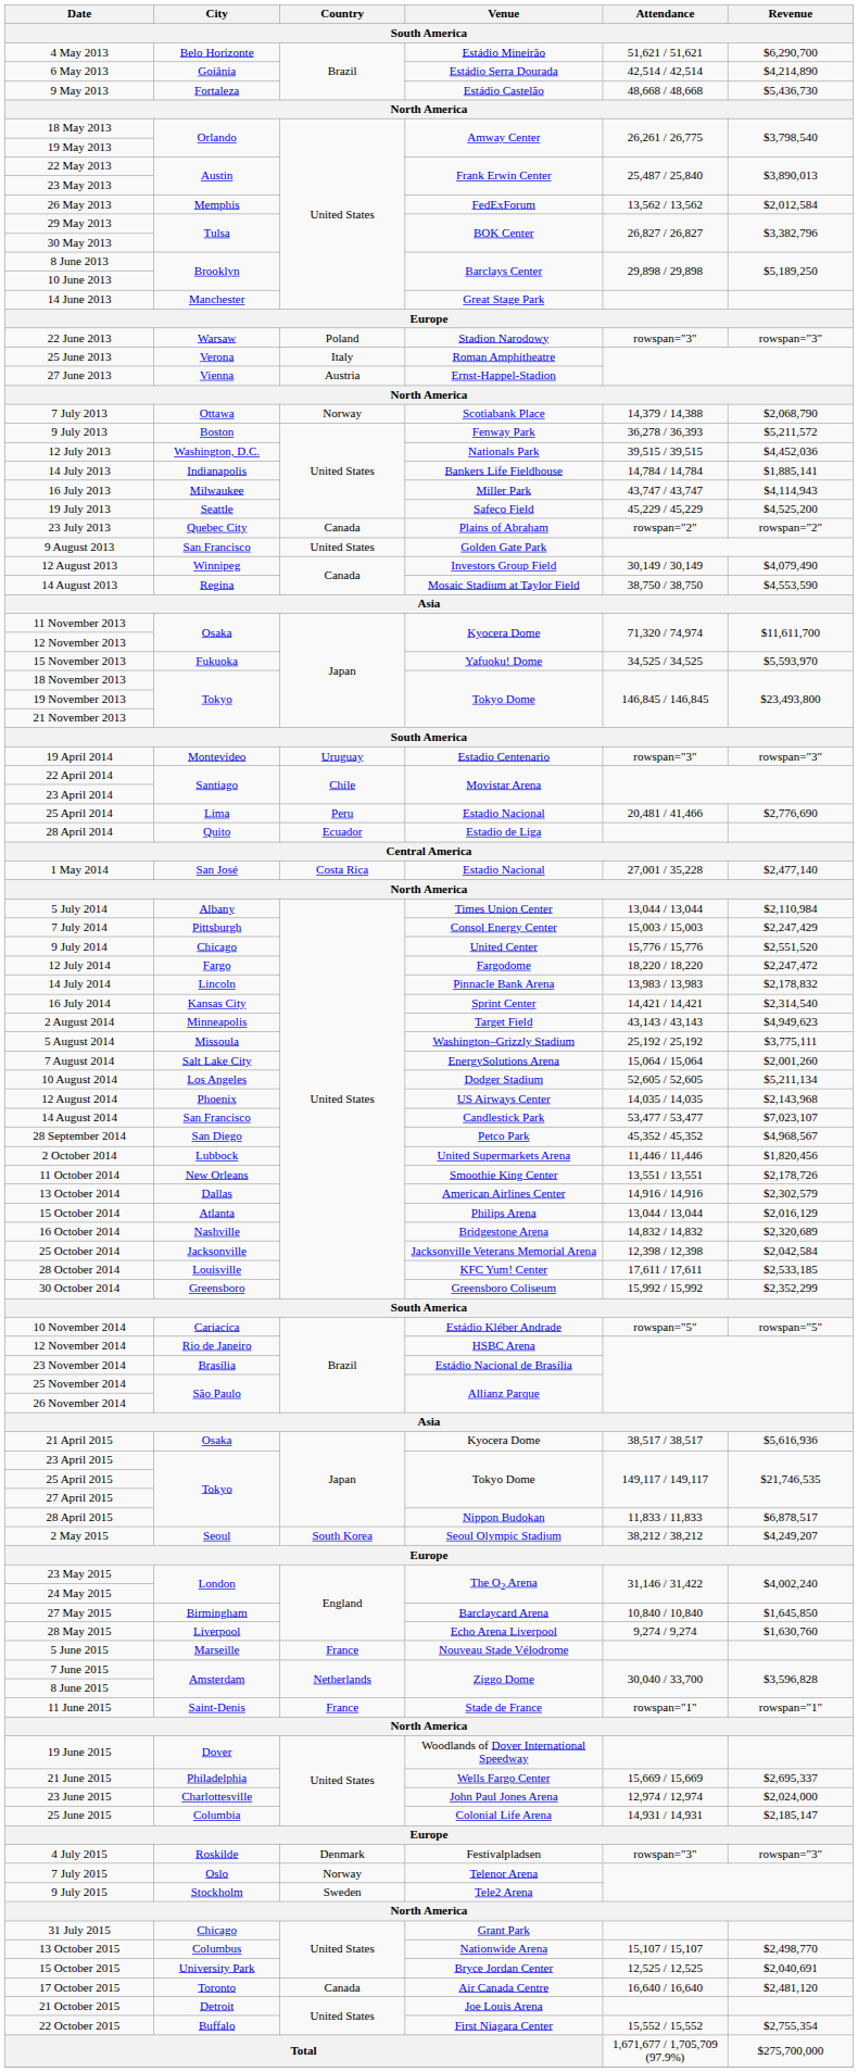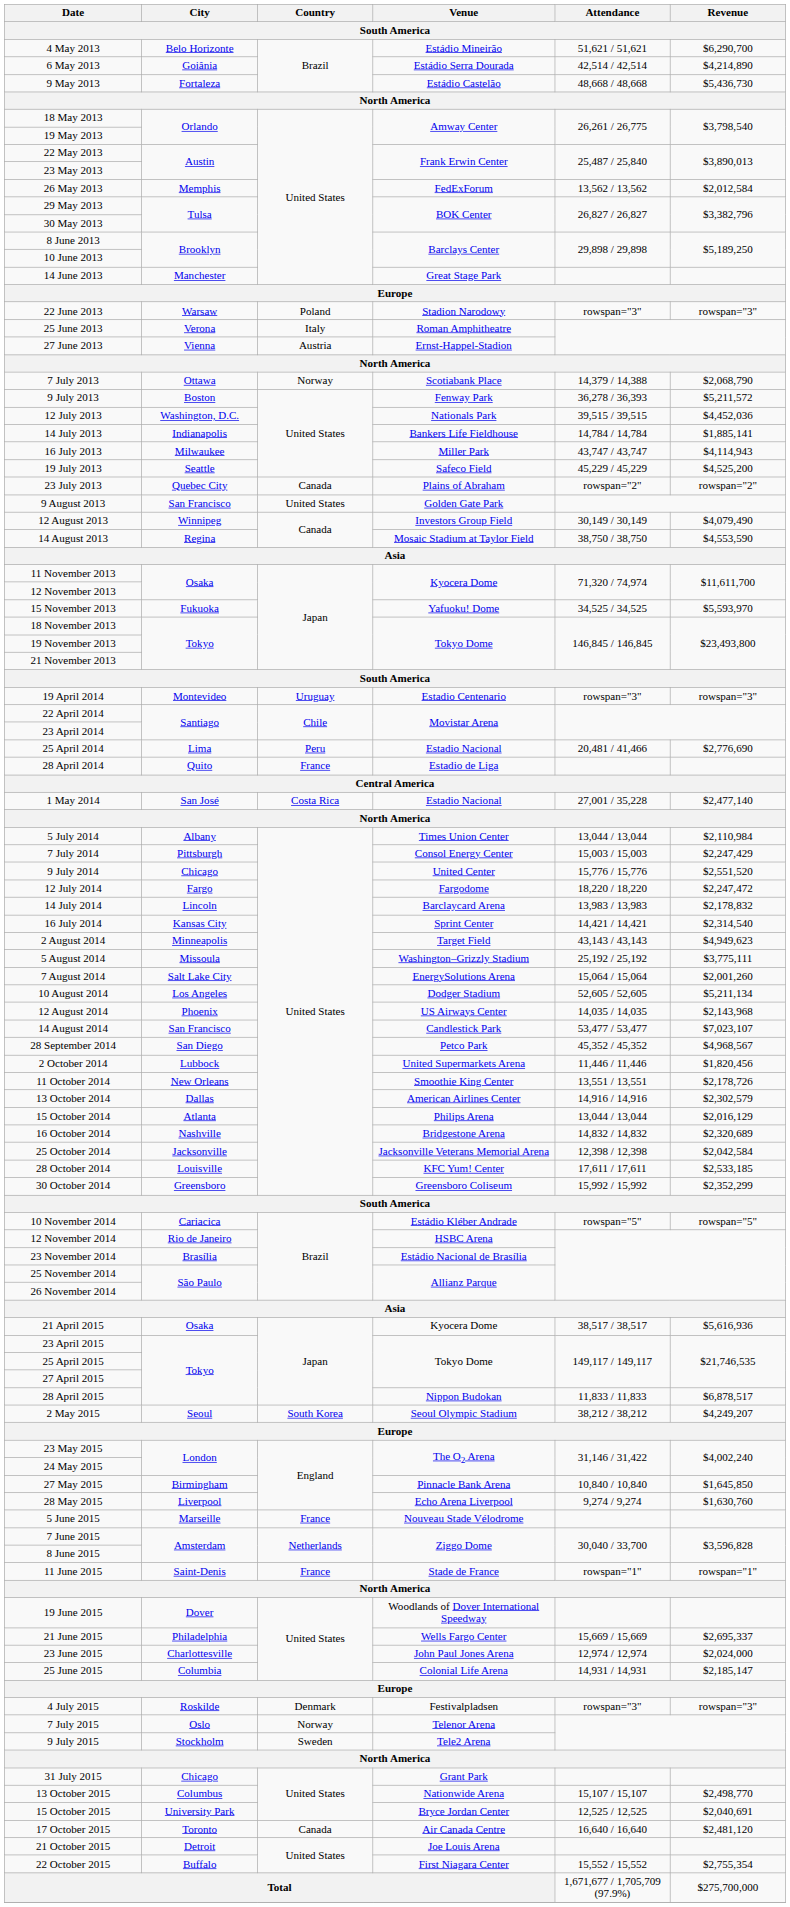 <table class="wikitable" style="text-align:center;">
 <tr>
 <th scope="col" style="width:12em;">Date</th>
 <th scope="col" style="width:10em;">City</th>
 <th scope="col" style="width:10em;">Country</th>
 <th scope="col" style="width:16em;">Venue</th>
 <th scope="col" style="width:10em;">Attendance</th>
 <th scope="col" style="width:10em;">Revenue</th>
 </tr>
 <tr>
 <th colspan="6">South America</th>
 </tr>
 <tr>
 <td>4 May 2013</td>
 <td><a href='#'>Belo Horizonte</a></td>
 <td rowspan="3">Brazil</td>
 <td><a href='#'>Estádio Mineirão</a></td>
 <td>51,621 / 51,621</td>
 <td>$6,290,700</td>
 </tr>
 <tr>
 <td>6 May 2013</td>
 <td><a href='#'>Goiânia</a></td>
 <td><a href='#'>Estádio Serra Dourada</a></td>
 <td>42,514 / 42,514</td>
 <td>$4,214,890</td>
 </tr>
 <tr>
 <td>9 May 2013</td>
 <td><a href='#'>Fortaleza</a></td>
 <td><a href='#'>Estádio Castelão</a></td>
 <td>48,668 / 48,668</td>
 <td>$5,436,730</td>
 </tr>
 <tr>
 <th colspan="6">North America</th>
 </tr>
 <tr>
 <td>18 May 2013</td>
 <td rowspan="2"><a href='#'>Orlando</a></td>
 <td rowspan="10">United States</td>
 <td rowspan="2"><a href='#'>Amway Center</a></td>
 <td rowspan="2">26,261 / 26,775</td>
 <td rowspan="2">$3,798,540</td>
 </tr>
 <tr>
 <td>19 May 2013</td>
 </tr>
 <tr>
 <td>22 May 2013</td>
 <td rowspan="2"><a href='#'>Austin</a></td>
 <td rowspan="2"><a href='#'>Frank Erwin Center</a></td>
 <td rowspan="2">25,487 / 25,840</td>
 <td rowspan="2">$3,890,013</td>
 </tr>
 <tr>
 <td>23 May 2013</td>
 </tr>
 <tr>
 <td>26 May 2013</td>
 <td><a href='#'>Memphis</a></td>
 <td><a href='#'>FedExForum</a></td>
 <td>13,562 / 13,562</td>
 <td>$2,012,584</td>
 </tr>
 <tr>
 <td>29 May 2013</td>
 <td rowspan="2"><a href='#'>Tulsa</a></td>
 <td rowspan="2"><a href='#'>BOK Center</a></td>
 <td rowspan="2">26,827 / 26,827</td>
 <td rowspan="2">$3,382,796</td>
 </tr>
 <tr>
 <td>30 May 2013</td>
 </tr>
 <tr>
 <td>8 June 2013</td>
 <td rowspan="2"><a href='#'>Brooklyn</a></td>
 <td rowspan="2"><a href='#'>Barclays Center</a></td>
 <td rowspan="2">29,898 / 29,898</td>
 <td rowspan="2">$5,189,250</td>
 </tr>
 <tr>
 <td>10 June 2013</td>
 </tr>
 <tr>
 <td>14 June 2013</td>
 <td><a href='#'>Manchester</a></td>
 <td><a href='#'>Great Stage Park</a></td>
 <td></td>
 <td></td>
 </tr>
 <tr>
 <th colspan="6">Europe</th>
 </tr>
 <tr>
 <td>22 June 2013</td>
 <td><a href='#'>Warsaw</a></td>
 <td>Poland</td>
 <td><a href='#'>Stadion Narodowy</a></td>
 <td>rowspan="3" </td>
 <td>rowspan="3" </td>
 </tr>
 <tr>
 <td>25 June 2013</td>
 <td><a href='#'>Verona</a></td>
 <td>Italy</td>
 <td><a href='#'>Roman Amphitheatre</a></td>
 </tr>
 <tr>
 <td>27 June 2013</td>
 <td><a href='#'>Vienna</a></td>
 <td>Austria</td>
 <td><a href='#'>Ernst-Happel-Stadion</a></td>
 </tr>
 <tr>
 <th colspan="6">North America</th>
 </tr>
 <tr>
 <td>7 July 2013</td>
 <td><a href='#'>Ottawa</a></td>
 <td>Norway</td>
 <td><a href='#'>Scotiabank Place</a></td>
 <td>14,379 / 14,388</td>
 <td>$2,068,790</td>
 </tr>
 <tr>
 <td>9 July 2013</td>
 <td><a href='#'>Boston</a></td>
 <td rowspan="5">United States</td>
 <td><a href='#'>Fenway Park</a></td>
 <td>36,278 / 36,393</td>
 <td>$5,211,572</td>
 </tr>
 <tr>
 <td>12 July 2013</td>
 <td><a href='#'>Washington, D.C.</a></td>
 <td><a href='#'>Nationals Park</a></td>
 <td>39,515 / 39,515</td>
 <td>$4,452,036</td>
 </tr>
 <tr>
 <td>14 July 2013</td>
 <td><a href='#'>Indianapolis</a></td>
 <td><a href='#'>Bankers Life Fieldhouse</a></td>
 <td>14,784 / 14,784</td>
 <td>$1,885,141</td>
 </tr>
 <tr>
 <td>16 July 2013</td>
 <td><a href='#'>Milwaukee</a></td>
 <td><a href='#'>Miller Park</a></td>
 <td>43,747 / 43,747</td>
 <td>$4,114,943</td>
 </tr>
 <tr>
 <td>19 July 2013</td>
 <td><a href='#'>Seattle</a></td>
 <td><a href='#'>Safeco Field</a></td>
 <td>45,229 / 45,229</td>
 <td>$4,525,200</td>
 </tr>
 <tr>
 <td>23 July 2013</td>
 <td><a href='#'>Quebec City</a></td>
 <td>Canada</td>
 <td><a href='#'>Plains of Abraham</a></td>
 <td>rowspan="2" </td>
 <td>rowspan="2" </td>
 </tr>
 <tr>
 <td>9 August 2013</td>
 <td><a href='#'>San Francisco</a></td>
 <td>United States</td>
 <td><a href='#'>Golden Gate Park</a></td>
 </tr>
 <tr>
 <td>12 August 2013</td>
 <td><a href='#'>Winnipeg</a></td>
 <td rowspan="2">Canada</td>
 <td><a href='#'>Investors Group Field</a></td>
 <td>30,149 / 30,149</td>
 <td>$4,079,490</td>
 </tr>
 <tr>
 <td>14 August 2013</td>
 <td><a href='#'>Regina</a></td>
 <td><a href='#'>Mosaic Stadium at Taylor Field</a></td>
 <td>38,750 / 38,750</td>
 <td>$4,553,590</td>
 </tr>
 <tr>
 <th colspan="6">Asia</th>
 </tr>
 <tr>
 <td>11 November 2013</td>
 <td rowspan="2"><a href='#'>Osaka</a></td>
 <td rowspan="6">Japan</td>
 <td rowspan="2"><a href='#'>Kyocera Dome</a></td>
 <td rowspan="2">71,320 / 74,974</td>
 <td rowspan="2">$11,611,700</td>
 </tr>
 <tr>
 <td>12 November 2013</td>
 </tr>
 <tr>
 <td>15 November 2013</td>
 <td><a href='#'>Fukuoka</a></td>
 <td><a href='#'>Yafuoku! Dome</a></td>
 <td>34,525 / 34,525</td>
 <td>$5,593,970</td>
 </tr>
 <tr>
 <td>18 November 2013</td>
 <td rowspan="3"><a href='#'>Tokyo</a></td>
 <td rowspan="3"><a href='#'>Tokyo Dome</a></td>
 <td rowspan="3">146,845 / 146,845</td>
 <td rowspan="3">$23,493,800</td>
 </tr>
 <tr>
 <td>19 November 2013</td>
 </tr>
 <tr>
 <td>21 November 2013</td>
 </tr>
 <tr>
 <th colspan="6">South America</th>
 </tr>
 <tr>
 <td>19 April 2014</td>
 <td><a href='#'>Montevideo</a></td>
 <td><a href='#'>Uruguay</a></td>
 <td><a href='#'>Estadio Centenario</a></td>
 <td>rowspan="3" </td>
 <td>rowspan="3" </td>
 </tr>
 <tr>
 <td>22 April 2014</td>
 <td rowspan="2"><a href='#'>Santiago</a></td>
 <td rowspan="2"><a href='#'>Chile</a></td>
 <td rowspan="2"><a href='#'>Movistar Arena</a></td>
 </tr>
 <tr>
 <td>23 April 2014</td>
 </tr>
 <tr>
 <td>25 April 2014</td>
 <td><a href='#'>Lima</a></td>
 <td><a href='#'>Peru</a></td>
 <td><a href='#'>Estadio Nacional</a></td>
 <td>20,481 / 41,466</td>
 <td>$2,776,690</td>
 </tr>
 <tr>
 <td>28 April 2014</td>
 <td><a href='#'>Quito</a></td>
-<td><a href='#'>Ecuador</a></td>
+<td><a href='#'>France</a></td>
 <td><a href='#'>Estadio de Liga</a></td>
 <td></td>
 <td></td>
 </tr>
 <tr>
 <th colspan="6">Central America</th>
 </tr>
 <tr>
 <td>1 May 2014</td>
 <td><a href='#'>San José</a></td>
 <td><a href='#'>Costa Rica</a></td>
 <td><a href='#'>Estadio Nacional</a></td>
 <td>27,001 / 35,228</td>
 <td>$2,477,140</td>
 </tr>
 <tr>
 <th colspan="6">North America</th>
 </tr>
 <tr>
 <td>5 July 2014</td>
 <td><a href='#'>Albany</a></td>
 <td rowspan="21">United States</td>
 <td><a href='#'>Times Union Center</a></td>
 <td>13,044 / 13,044</td>
 <td>$2,110,984</td>
 </tr>
 <tr>
 <td>7 July 2014</td>
 <td><a href='#'>Pittsburgh</a></td>
 <td><a href='#'>Consol Energy Center</a></td>
 <td>15,003 / 15,003</td>
 <td>$2,247,429</td>
 </tr>
 <tr>
 <td>9 July 2014</td>
 <td><a href='#'>Chicago</a></td>
 <td><a href='#'>United Center</a></td>
 <td>15,776 / 15,776</td>
 <td>$2,551,520</td>
 </tr>
 <tr>
 <td>12 July 2014</td>
 <td><a href='#'>Fargo</a></td>
 <td><a href='#'>Fargodome</a></td>
 <td>18,220 / 18,220</td>
 <td>$2,247,472</td>
 </tr>
 <tr>
 <td>14 July 2014</td>
 <td><a href='#'>Lincoln</a></td>
-<td><a href='#'>Pinnacle Bank Arena</a></td>
+<td><a href='#'>Barclaycard Arena</a></td>
 <td>13,983 / 13,983</td>
 <td>$2,178,832</td>
 </tr>
 <tr>
 <td>16 July 2014</td>
 <td><a href='#'>Kansas City</a></td>
 <td><a href='#'>Sprint Center</a></td>
 <td>14,421 / 14,421</td>
 <td>$2,314,540</td>
 </tr>
 <tr>
 <td>2 August 2014</td>
 <td><a href='#'>Minneapolis</a></td>
 <td><a href='#'>Target Field</a></td>
 <td>43,143 / 43,143</td>
 <td>$4,949,623</td>
 </tr>
 <tr>
 <td>5 August 2014</td>
 <td><a href='#'>Missoula</a></td>
 <td><a href='#'>Washington–Grizzly Stadium</a></td>
 <td>25,192 / 25,192</td>
 <td>$3,775,111</td>
 </tr>
 <tr>
 <td>7 August 2014</td>
 <td><a href='#'>Salt Lake City</a></td>
 <td><a href='#'>EnergySolutions Arena</a></td>
 <td>15,064 / 15,064</td>
 <td>$2,001,260</td>
 </tr>
 <tr>
 <td>10 August 2014</td>
 <td><a href='#'>Los Angeles</a></td>
 <td><a href='#'>Dodger Stadium</a></td>
 <td>52,605 / 52,605</td>
 <td>$5,211,134</td>
 </tr>
 <tr>
 <td>12 August 2014</td>
 <td><a href='#'>Phoenix</a></td>
 <td><a href='#'>US Airways Center</a></td>
 <td>14,035 / 14,035</td>
 <td>$2,143,968</td>
 </tr>
 <tr>
 <td>14 August 2014</td>
 <td><a href='#'>San Francisco</a></td>
 <td><a href='#'>Candlestick Park</a></td>
 <td>53,477 / 53,477</td>
 <td>$7,023,107</td>
 </tr>
 <tr>
 <td>28 September 2014</td>
 <td><a href='#'>San Diego</a></td>
 <td><a href='#'>Petco Park</a></td>
 <td>45,352 / 45,352</td>
 <td>$4,968,567</td>
 </tr>
 <tr>
 <td>2 October 2014</td>
 <td><a href='#'>Lubbock</a></td>
 <td><a href='#'>United Supermarkets Arena</a></td>
 <td>11,446 / 11,446</td>
 <td>$1,820,456</td>
 </tr>
 <tr>
 <td>11 October 2014</td>
 <td><a href='#'>New Orleans</a></td>
 <td><a href='#'>Smoothie King Center</a></td>
 <td>13,551 / 13,551</td>
 <td>$2,178,726</td>
 </tr>
 <tr>
 <td>13 October 2014</td>
 <td><a href='#'>Dallas</a></td>
 <td><a href='#'>American Airlines Center</a></td>
 <td>14,916 / 14,916</td>
 <td>$2,302,579</td>
 </tr>
 <tr>
 <td>15 October 2014</td>
 <td><a href='#'>Atlanta</a></td>
 <td><a href='#'>Philips Arena</a></td>
 <td>13,044 / 13,044</td>
 <td>$2,016,129</td>
 </tr>
 <tr>
 <td>16 October 2014</td>
 <td><a href='#'>Nashville</a></td>
 <td><a href='#'>Bridgestone Arena</a></td>
 <td>14,832 / 14,832</td>
 <td>$2,320,689</td>
 </tr>
 <tr>
 <td>25 October 2014</td>
 <td><a href='#'>Jacksonville</a></td>
 <td><a href='#'>Jacksonville Veterans Memorial Arena</a></td>
 <td>12,398 / 12,398</td>
 <td>$2,042,584</td>
 </tr>
 <tr>
 <td>28 October 2014</td>
 <td><a href='#'>Louisville</a></td>
 <td><a href='#'>KFC Yum! Center</a></td>
 <td>17,611 / 17,611</td>
 <td>$2,533,185</td>
 </tr>
 <tr>
 <td>30 October 2014</td>
 <td><a href='#'>Greensboro</a></td>
 <td><a href='#'>Greensboro Coliseum</a></td>
 <td>15,992 / 15,992</td>
 <td>$2,352,299</td>
 </tr>
 <tr>
 <th colspan="6">South America</th>
 </tr>
 <tr>
 <td>10 November 2014</td>
 <td><a href='#'>Cariacica</a></td>
 <td rowspan="5">Brazil</td>
 <td><a href='#'>Estádio Kléber Andrade</a></td>
 <td>rowspan="5" </td>
 <td>rowspan="5" </td>
 </tr>
 <tr>
 <td>12 November 2014</td>
 <td><a href='#'>Rio de Janeiro</a></td>
 <td><a href='#'>HSBC Arena</a></td>
 </tr>
 <tr>
 <td>23 November 2014</td>
 <td><a href='#'>Brasília</a></td>
 <td><a href='#'>Estádio Nacional de Brasília</a></td>
 </tr>
 <tr>
 <td>25 November 2014</td>
 <td rowspan="2"><a href='#'>São Paulo</a></td>
 <td rowspan="2"><a href='#'>Allianz Parque</a></td>
 </tr>
 <tr>
 <td>26 November 2014</td>
 </tr>
 <tr>
 <th colspan="6">Asia</th>
 </tr>
 <tr>
 <td>21 April 2015</td>
 <td><a href='#'>Osaka</a></td>
 <td rowspan="5">Japan</td>
 <td>Kyocera Dome</td>
 <td rowspan="1">38,517 / 38,517</td>
 <td rowspan="1">$5,616,936</td>
 </tr>
 <tr>
 <td>23 April 2015</td>
 <td rowspan="4"><a href='#'>Tokyo</a></td>
 <td rowspan="3">Tokyo Dome</td>
 <td rowspan="3">149,117 / 149,117</td>
 <td rowspan="3">$21,746,535</td>
 </tr>
 <tr>
 <td>25 April 2015</td>
 </tr>
 <tr>
 <td>27 April 2015</td>
 </tr>
 <tr>
 <td>28 April 2015</td>
 <td rowspan="1"><a href='#'>Nippon Budokan</a></td>
 <td rowspan="1">11,833 / 11,833</td>
 <td rowspan="1">$6,878,517</td>
 </tr>
 <tr>
 <td>2 May 2015</td>
 <td><a href='#'>Seoul</a></td>
 <td><a href='#'>South Korea</a></td>
 <td><a href='#'>Seoul Olympic Stadium</a></td>
 <td rowspan="1">38,212 / 38,212</td>
 <td rowspan="1">$4,249,207</td>
 </tr>
 <tr>
 <th colspan="6">Europe</th>
 </tr>
 <tr>
 <td>23 May 2015</td>
 <td rowspan="2"><a href='#'>London</a></td>
 <td rowspan="4">England</td>
 <td rowspan="2"><a href='#'>The O<sub>2</sub> Arena</a></td>
 <td rowspan="2">31,146 / 31,422</td>
 <td rowspan="2">$4,002,240</td>
 </tr>
 <tr>
 <td>24 May 2015</td>
 </tr>
 <tr>
 <td>27 May 2015</td>
 <td><a href='#'>Birmingham</a></td>
-<td><a href='#'>Barclaycard Arena</a></td>
+<td><a href='#'>Pinnacle Bank Arena</a></td>
 <td>10,840 / 10,840</td>
 <td>$1,645,850</td>
 </tr>
 <tr>
 <td>28 May 2015</td>
 <td><a href='#'>Liverpool</a></td>
 <td><a href='#'>Echo Arena Liverpool</a></td>
 <td>9,274 / 9,274</td>
 <td>$1,630,760</td>
 </tr>
 <tr>
 <td>5 June 2015</td>
 <td><a href='#'>Marseille</a></td>
 <td><a href='#'>France</a></td>
 <td><a href='#'>Nouveau Stade Vélodrome</a></td>
 <td></td>
 <td></td>
 </tr>
 <tr>
 <td>7 June 2015</td>
 <td rowspan="2"><a href='#'>Amsterdam</a></td>
 <td rowspan="2"><a href='#'>Netherlands</a></td>
 <td rowspan="2"><a href='#'>Ziggo Dome</a></td>
 <td rowspan="2">30,040 / 33,700</td>
 <td rowspan="2">$3,596,828</td>
 </tr>
 <tr>
 <td>8 June 2015</td>
 </tr>
 <tr>
 <td>11 June 2015</td>
 <td><a href='#'>Saint-Denis</a></td>
 <td><a href='#'>France</a></td>
 <td><a href='#'>Stade de France</a></td>
 <td>rowspan="1" </td>
 <td>rowspan="1" </td>
 </tr>
 <tr>
 <th colspan="6">North America</th>
 </tr>
 <tr>
 <td>19 June 2015</td>
 <td><a href='#'>Dover</a></td>
 <td rowspan="4">United States</td>
 <td>Woodlands of <a href='#'>Dover International Speedway</a></td>
 <td></td>
 <td></td>
 </tr>
 <tr>
 <td>21 June 2015</td>
 <td><a href='#'>Philadelphia</a></td>
 <td><a href='#'>Wells Fargo Center</a></td>
 <td>15,669 / 15,669</td>
 <td>$2,695,337</td>
 </tr>
 <tr>
 <td>23 June 2015</td>
 <td><a href='#'>Charlottesville</a></td>
 <td><a href='#'>John Paul Jones Arena</a></td>
 <td>12,974 / 12,974</td>
 <td>$2,024,000</td>
 </tr>
 <tr>
 <td>25 June 2015</td>
 <td><a href='#'>Columbia</a></td>
 <td><a href='#'>Colonial Life Arena</a></td>
 <td>14,931 / 14,931</td>
 <td>$2,185,147</td>
 </tr>
 <tr>
 <th colspan="6">Europe</th>
 </tr>
 <tr>
 <td>4 July 2015</td>
 <td><a href='#'>Roskilde</a></td>
 <td>Denmark</td>
 <td>Festivalpladsen</td>
 <td>rowspan="3" </td>
 <td>rowspan="3" </td>
 </tr>
 <tr>
 <td>7 July 2015</td>
 <td><a href='#'>Oslo</a></td>
 <td>Norway</td>
 <td><a href='#'>Telenor Arena</a></td>
 </tr>
 <tr>
 <td>9 July 2015</td>
 <td><a href='#'>Stockholm</a></td>
 <td>Sweden</td>
 <td><a href='#'>Tele2 Arena</a></td>
 </tr>
 <tr>
 <th colspan="6">North America</th>
 </tr>
 <tr>
 <td>31 July 2015</td>
 <td><a href='#'>Chicago</a></td>
 <td rowspan="3">United States</td>
 <td><a href='#'>Grant Park</a></td>
 <td></td>
 <td></td>
 </tr>
 <tr>
 <td>13 October 2015</td>
 <td><a href='#'>Columbus</a></td>
 <td><a href='#'>Nationwide Arena</a></td>
 <td>15,107 / 15,107</td>
 <td>$2,498,770</td>
 </tr>
 <tr>
 <td>15 October 2015</td>
 <td><a href='#'>University Park</a></td>
 <td><a href='#'>Bryce Jordan Center</a></td>
 <td>12,525 / 12,525</td>
 <td>$2,040,691</td>
 </tr>
 <tr>
 <td>17 October 2015</td>
 <td><a href='#'>Toronto</a></td>
 <td>Canada</td>
 <td><a href='#'>Air Canada Centre</a></td>
 <td>16,640 / 16,640</td>
 <td>$2,481,120</td>
 </tr>
 <tr>
 <td>21 October 2015</td>
 <td><a href='#'>Detroit</a></td>
 <td rowspan="2">United States</td>
 <td><a href='#'>Joe Louis Arena</a></td>
 <td></td>
 <td></td>
 </tr>
 <tr>
 <td>22 October 2015</td>
 <td><a href='#'>Buffalo</a></td>
 <td><a href='#'>First Niagara Center</a></td>
 <td>15,552 / 15,552</td>
 <td>$2,755,354</td>
 </tr>
 <tr>
 <th colspan="4">Total</th>
 <td>1,671,677 / 1,705,709 (97.9%)</td>
 <td>$275,700,000</td>
 </tr>
 <tr>
 </tr>
 </table>
